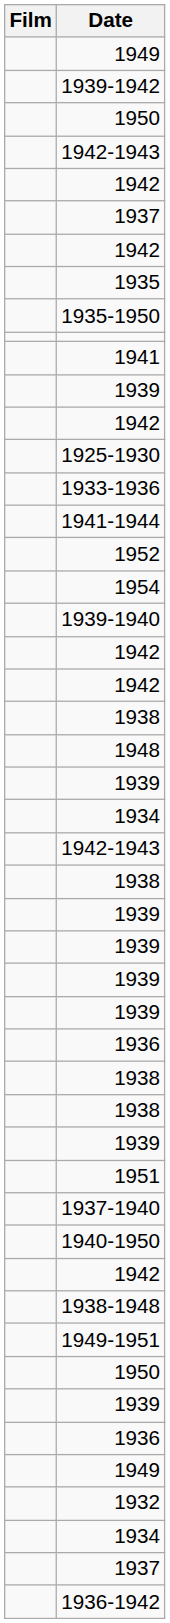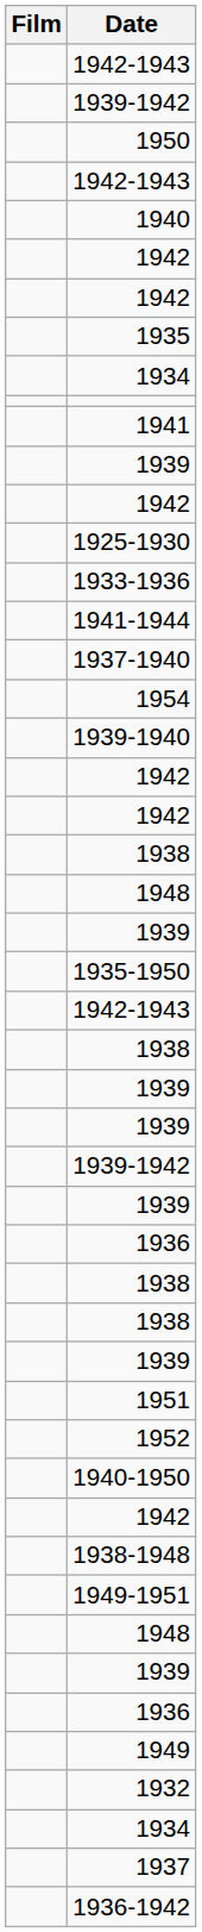 <table class="wikitable sortable">
 <tr>
 <th style="text-align: center;">Film</th>
 <th style="text-align: center;">Date</th>
 </tr>
 <tr>
 <td><em></em></td>
-<td style="text-align: right;">1949</td>
+<td style="text-align: right;">1942-1943</td>
 </tr>
 <tr>
 <td><em></em></td>
 <td style="text-align: right;">1939-1942</td>
 </tr>
 <tr>
 <td><em></em></td>
 <td style="text-align: right;">1950</td>
 </tr>
 <tr>
 <td><em></em></td>
 <td style="text-align: right;">1942-1943</td>
 </tr>
 <tr>
 <td><em></em></td>
-<td style="text-align: right;">1942</td>
+<td style="text-align: right;">1940</td>
 </tr>
 <tr>
 <td><em></em></td>
-<td style="text-align: right;">1937</td>
+<td style="text-align: right;">1942</td>
 </tr>
 <tr>
 <td><em></em></td>
 <td style="text-align: right;">1942</td>
 </tr>
 <tr>
 <td><em></em></td>
 <td style="text-align: right;">1935</td>
 </tr>
 <tr>
 <td><em></em></td>
-<td style="text-align: right;">1935-1950</td>
+<td style="text-align: right;">1934</td>
 </tr>
 <tr>
 <td><em></em></td>
 <td style="text-align: right;"></td>
 </tr>
 <tr>
 <td><em></em></td>
 <td style="text-align: right;">1941</td>
 </tr>
 <tr>
 <td><em></em></td>
 <td style="text-align: right;">1939</td>
 </tr>
 <tr>
 <td><em></em></td>
 <td style="text-align: right;">1942</td>
 </tr>
 <tr>
 <td><em></em></td>
 <td style="text-align: right;">1925-1930</td>
 </tr>
 <tr>
 <td><em></em></td>
 <td style="text-align: right;">1933-1936</td>
 </tr>
 <tr>
 <td><em></em></td>
 <td style="text-align: right;">1941-1944</td>
 </tr>
 <tr>
 <td><em></em></td>
-<td style="text-align: right;">1952</td>
+<td style="text-align: right;">1937-1940</td>
 </tr>
 <tr>
 <td><em></em></td>
 <td style="text-align: right;">1954</td>
 </tr>
 <tr>
 <td><em></em></td>
 <td style="text-align: right;">1939-1940</td>
 </tr>
 <tr>
 <td><em></em></td>
 <td style="text-align: right;">1942</td>
 </tr>
 <tr>
 <td><em></em></td>
 <td style="text-align: right;">1942</td>
 </tr>
 <tr>
 <td><em></em></td>
 <td style="text-align: right;">1938</td>
 </tr>
 <tr>
 <td><em></em></td>
 <td style="text-align: right;">1948</td>
 </tr>
 <tr>
 <td><em></em></td>
 <td style="text-align: right;">1939</td>
 </tr>
 <tr>
 <td><em></em></td>
-<td style="text-align: right;">1934</td>
+<td style="text-align: right;">1935-1950</td>
 </tr>
 <tr>
 <td><em></em></td>
 <td style="text-align: right;">1942-1943</td>
 </tr>
 <tr>
 <td><em></em></td>
 <td style="text-align: right;">1938</td>
 </tr>
 <tr>
 <td><em></em></td>
 <td style="text-align: right;">1939</td>
 </tr>
 <tr>
 <td><em></em></td>
 <td style="text-align: right;">1939</td>
 </tr>
 <tr>
 <td><em></em></td>
-<td style="text-align: right;">1939</td>
+<td style="text-align: right;">1939-1942</td>
 </tr>
 <tr>
 <td><em></em></td>
 <td style="text-align: right;">1939</td>
 </tr>
 <tr>
 <td><em></em></td>
 <td style="text-align: right;">1936</td>
 </tr>
 <tr>
 <td><em></em></td>
 <td style="text-align: right;">1938</td>
 </tr>
 <tr>
 <td><em></em></td>
 <td style="text-align: right;">1938</td>
 </tr>
 <tr>
 <td><em></em></td>
 <td style="text-align: right;">1939</td>
 </tr>
 <tr>
 <td><em></em></td>
 <td style="text-align: right;">1951</td>
 </tr>
 <tr>
 <td><em></em></td>
-<td style="text-align: right;">1937-1940</td>
+<td style="text-align: right;">1952</td>
 </tr>
 <tr>
 <td><em></em></td>
 <td style="text-align: right;">1940-1950</td>
 </tr>
 <tr>
 <td><em></em></td>
 <td style="text-align: right;">1942</td>
 </tr>
 <tr>
 <td><em></em></td>
 <td style="text-align: right;">1938-1948</td>
 </tr>
 <tr>
 <td><em></em></td>
 <td style="text-align: right;">1949-1951</td>
 </tr>
 <tr>
 <td><em></em></td>
-<td style="text-align: right;">1950</td>
+<td style="text-align: right;">1948</td>
 </tr>
 <tr>
 <td><em></em></td>
 <td style="text-align: right;">1939</td>
 </tr>
 <tr>
 <td><em></em></td>
 <td style="text-align: right;">1936</td>
 </tr>
 <tr>
 <td><em></em></td>
 <td style="text-align: right;">1949</td>
 </tr>
 <tr>
 <td><em></em></td>
 <td style="text-align: right;">1932</td>
 </tr>
 <tr>
 <td><em></em></td>
 <td style="text-align: right;">1934</td>
 </tr>
 <tr>
 <td><em></em></td>
 <td style="text-align: right;">1937</td>
 </tr>
 <tr>
 <td><em></em></td>
 <td style="text-align: right;">1936-1942</td>
 </tr>
 </table>
